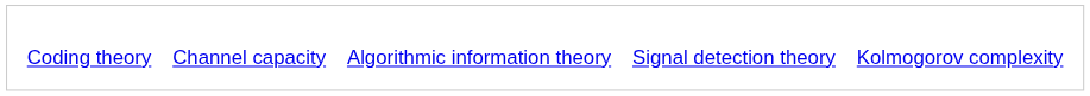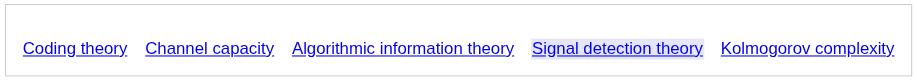 <table style="border:1px solid #ccc; text-align:center; margin:auto;" cellspacing="15">
 <tr>
 <td></td>
 <td></td>
 <td></td>
 <td></td>
 <td></td>
 </tr>
 <tr>
 <td><a href='#'>Coding theory</a></td>
 <td><a href='#'>Channel capacity</a></td>
 <td><a href='#'>Algorithmic information theory</a></td>
-<td><a href='#'>Signal detection theory</a></td>
+<td style="background: lavender;"><a href='#'>Signal detection theory</a></td>
 <td><a href='#'>Kolmogorov complexity</a></td>
 </tr>
 </table>
